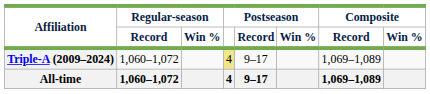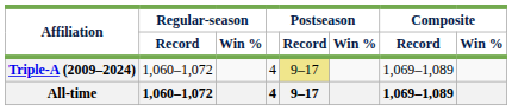 <table class="wikitable sortable plainrowheaders" style="font-size: 95%; text-align:center;">
 <tr>
 <th rowspan="2" scope="col" style="background-color:#ffffff; border-top:#73AA4F 5px solid; border-bottom:#73AA4F 5px solid; color:#0D223F">Affiliation</th>
 <th colspan="2" scope="col" style="background-color:#ffffff; border-top:#73AA4F 5px solid; color:#071d49">Regular-season</th>
 <th colspan="3" scope="col" style="background-color:#ffffff; border-top:#73AA4F 5px solid; color:#071d49">Postseason</th>
 <th colspan="2" scope="col" style="background-color:#ffffff; border-top:#73AA4F 5px solid; color:#071d49">Composite</th>
 </tr>
 <tr>
 <th scope="col" style="background-color:#ffffff; border-bottom:#73AA4F 5px solid; color:#071d49">Record</th>
 <th scope="col" style="background-color:#ffffff; border-bottom:#73AA4F 5px solid; color:#071d49">Win %</th>
 <th scope="col" style="background-color:#ffffff; border-bottom:#73AA4F 5px solid; color:#071d49"></th>
 <th scope="col" style="background-color:#ffffff; border-bottom:#73AA4F 5px solid; color:#071d49">Record</th>
 <th scope="col" style="background-color:#ffffff; border-bottom:#73AA4F 5px solid; color:#071d49">Win %</th>
 <th scope="col" style="background-color:#ffffff; border-bottom:#73AA4F 5px solid; color:#071d49">Record</th>
 <th scope="col" style="background-color:#ffffff; border-bottom:#73AA4F 5px solid; color:#071d49">Win %</th>
 </tr>
 <tr>
 <th scope="row"><a href='#'>Triple-A</a> (2009–2024)</th>
 <td>1,060–1,072</td>
 <td></td>
-<td style="background: khaki;">4</td>
-<td>9–17</td>
+<td>4</td>
+<td style="background: khaki;">9–17</td>
 <td></td>
 <td>1,069–1,089</td>
 <td></td>
 </tr>
 <tr>
 <th scope="row"><strong>All-time</strong></th>
 <th>1,060–1,072</th>
 <th></th>
 <th>4</th>
 <th>9–17</th>
 <th></th>
 <th>1,069–1,089</th>
 <th></th>
 </tr>
 </table>
